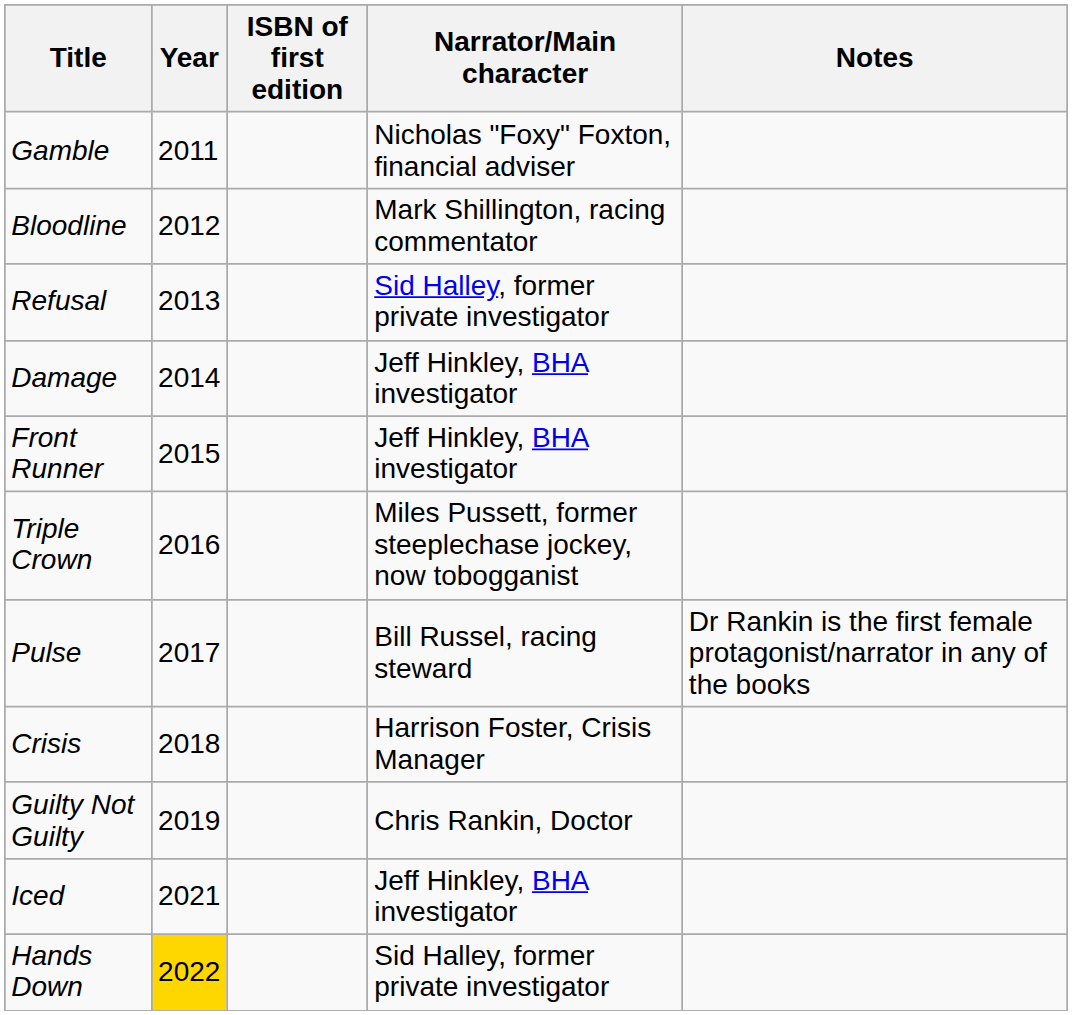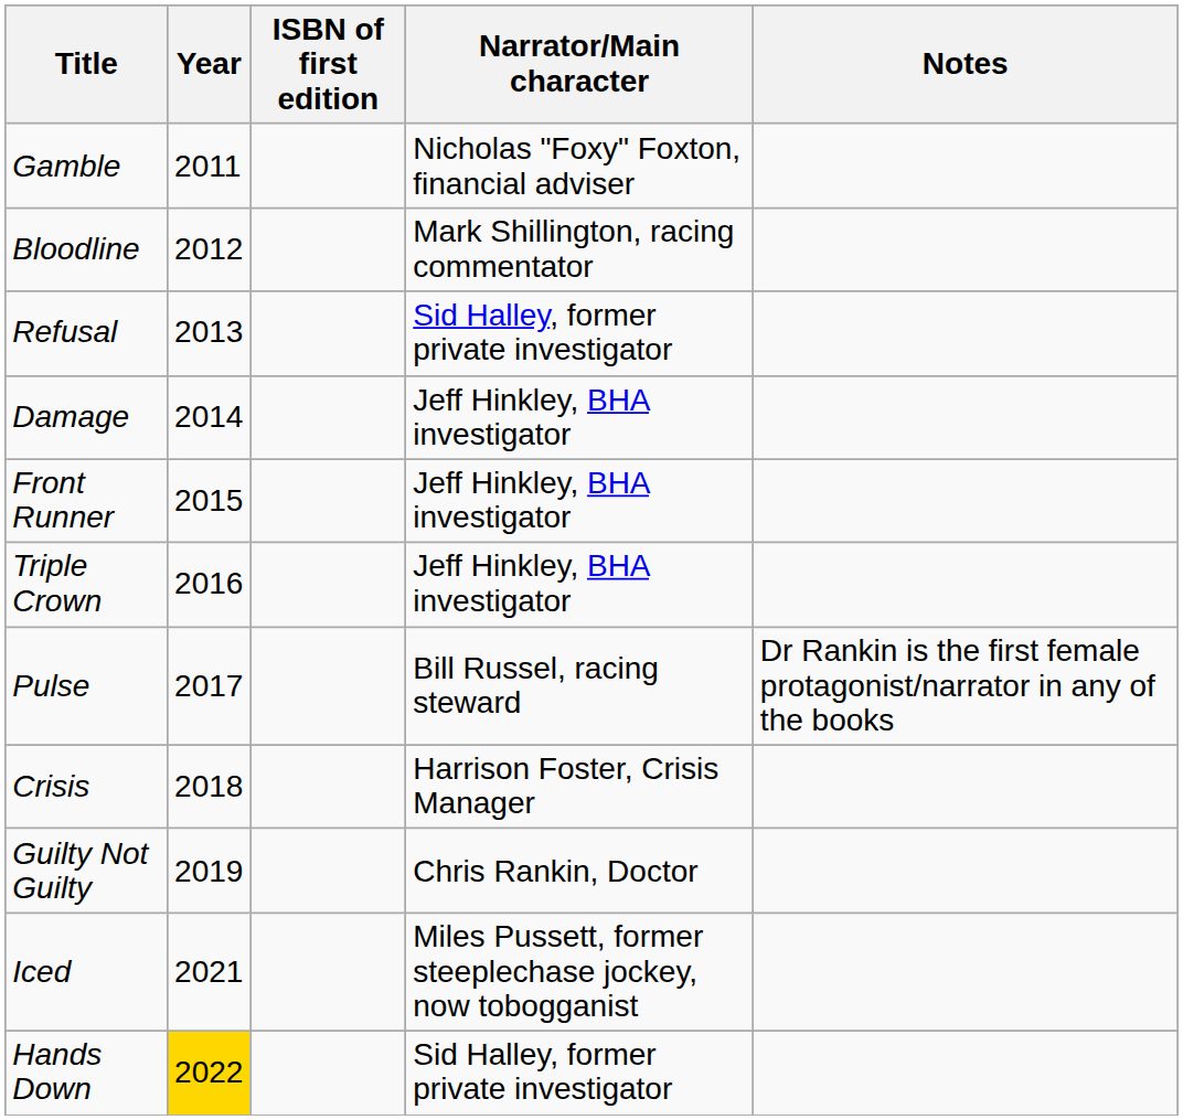 <table class="wikitable sortable">
 <tr>
 <th>Title</th>
 <th>Year</th>
 <th>ISBN of first edition</th>
 <th>Narrator/Main character</th>
 <th>Notes</th>
 </tr>
 <tr>
 <td><em>Gamble</em></td>
 <td>2011</td>
 <td></td>
 <td>Nicholas "Foxy" Foxton, financial adviser</td>
 <td></td>
 </tr>
 <tr>
 <td><em>Bloodline</em></td>
 <td>2012</td>
 <td></td>
 <td>Mark Shillington, racing commentator</td>
 <td></td>
 </tr>
 <tr>
 <td><em>Refusal</em></td>
 <td>2013</td>
 <td></td>
 <td><a href='#'>Sid Halley</a>, former private investigator</td>
 <td></td>
 </tr>
 <tr>
 <td><em>Damage</em></td>
 <td>2014</td>
 <td></td>
 <td>Jeff Hinkley, <a href='#'>BHA</a> investigator</td>
 <td></td>
 </tr>
 <tr>
 <td><em>Front Runner</em></td>
 <td>2015</td>
 <td></td>
 <td>Jeff Hinkley, <a href='#'>BHA</a> investigator</td>
 <td></td>
 </tr>
 <tr>
 <td><em>Triple Crown</em></td>
 <td>2016</td>
 <td></td>
-<td>Miles Pussett, former steeplechase jockey, now tobogganist</td>
+<td>Jeff Hinkley, <a href='#'>BHA</a> investigator</td>
 <td></td>
 </tr>
 <tr>
 <td><em>Pulse</em></td>
 <td>2017</td>
 <td></td>
 <td>Bill Russel, racing steward</td>
 <td>Dr Rankin is the first female protagonist/narrator in any of the books</td>
 </tr>
 <tr>
 <td><em>Crisis</em></td>
 <td>2018</td>
 <td></td>
 <td>Harrison Foster, Crisis Manager</td>
 <td></td>
 </tr>
 <tr>
 <td><em>Guilty Not Guilty</em></td>
 <td>2019</td>
 <td></td>
 <td>Chris Rankin, Doctor</td>
 <td></td>
 </tr>
 <tr>
 <td><em>Iced</em></td>
 <td>2021</td>
 <td></td>
-<td>Jeff Hinkley, <a href='#'>BHA</a> investigator</td>
+<td>Miles Pussett, former steeplechase jockey, now tobogganist</td>
 <td></td>
 </tr>
 <tr>
 <td><em>Hands Down</em></td>
 <td style="background: gold;">2022</td>
 <td></td>
 <td>Sid Halley, former private investigator</td>
 <td></td>
 </tr>
 <tr>
 </tr>
 </table>
